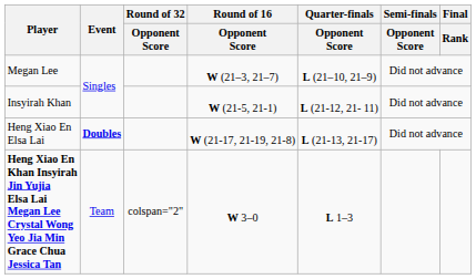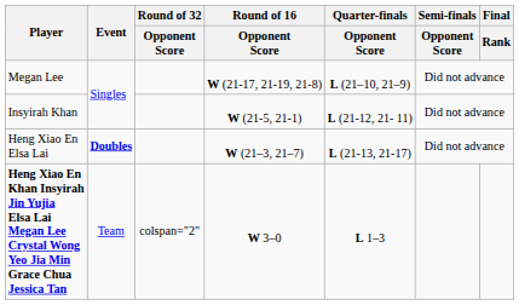 <table class="wikitable" style="font-size:90%; text-align:center">
 <tr>
 <th rowspan="2">Player</th>
 <th rowspan="2">Event</th>
 <th>Round of 32</th>
 <th>Round of 16</th>
 <th>Quarter-finals</th>
 <th>Semi-finals</th>
 <th>Final</th>
 </tr>
 <tr>
 <th>Opponent<br>Score</th>
 <th>Opponent<br>Score</th>
 <th>Opponent<br>Score</th>
 <th>Opponent<br>Score</th>
 <th>Rank</th>
 </tr>
 <tr align="center">
 <td align="left">Megan Lee</td>
 <td rowspan="2" align="left"><a href='#'>Singles</a></td>
 <td></td>
-<td><br><strong>W</strong> (21–3, 21–7)</td>
+<td><br><strong>W</strong> (21-17, 21-19, 21-8)</td>
 <td><br><strong>L</strong> (21–10, 21–9)</td>
 <td colspan="3">Did not advance</td>
 </tr>
 <tr align="center">
 <td align="left">Insyirah Khan</td>
 <td></td>
 <td> <br> <strong>W</strong> (21-5, 21-1)</td>
 <td><br><strong>L</strong> (21-12, 21- 11)</td>
 <td colspan="3">Did not advance</td>
 </tr>
 <tr align="center">
 <td align="left">Heng Xiao En<br>Elsa Lai</td>
 <td><strong><a href='#'>Doubles</a></strong></td>
 <td></td>
-<td><br><strong>W</strong> (21-17, 21-19, 21-8)</td>
+<td><br><strong>W</strong> (21–3, 21–7)</td>
 <td> <br> <strong>L</strong> (21-13, 21-17)</td>
 <td colspan="3">Did not advance</td>
 </tr>
 <tr>
 <td align="left"><strong>Heng Xiao En</strong><br><strong>Khan Insyirah</strong><br><strong><a href='#'>Jin Yujia</a></strong><br><strong>Elsa Lai</strong><br><strong><a href='#'>Megan Lee</a></strong><br><strong><a href='#'>Crystal Wong</a></strong><br><strong><a href='#'>Yeo Jia Min</a></strong><br><strong>Grace Chua</strong><br><strong><a href='#'>Jessica Tan</a></strong></td>
 <td><a href='#'>Team</a></td>
 <td>colspan="2" </td>
 <td><br><strong>W</strong> 3–0</td>
 <td><br><strong>L</strong> 1–3</td>
 <td></td>
 </tr>
 </table>
